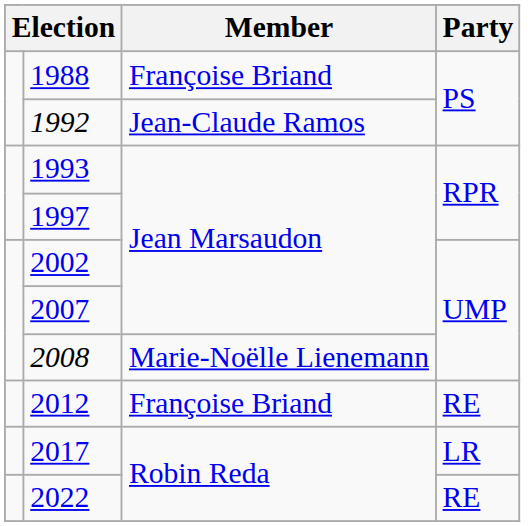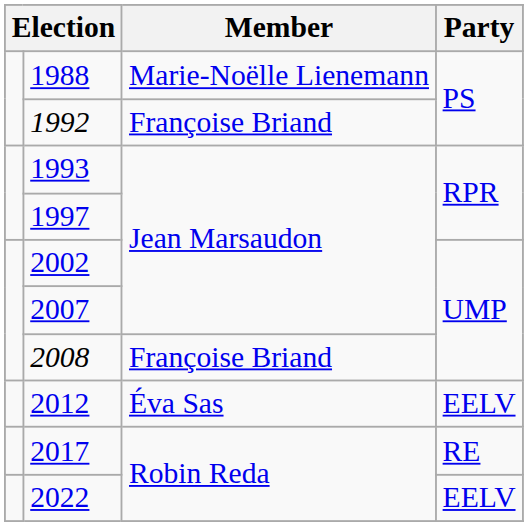 <table class="wikitable">
 <tr>
 <th colspan="2">Election</th>
 <th>Member</th>
 <th>Party</th>
 </tr>
 <tr>
 <td rowspan="2" style="color:inherit;background-color: "></td>
 <td><a href='#'>1988</a></td>
-<td><a href='#'>Françoise Briand</a></td>
+<td><a href='#'>Marie-Noëlle Lienemann</a></td>
 <td rowspan="2"><a href='#'>PS</a></td>
 </tr>
 <tr>
 <td><em>1992</em></td>
-<td><a href='#'>Jean-Claude Ramos</a></td>
+<td><a href='#'>Françoise Briand</a></td>
 </tr>
 <tr>
 <td rowspan="2" style="color:inherit;background-color: "></td>
 <td><a href='#'>1993</a></td>
 <td rowspan="4"><a href='#'>Jean Marsaudon</a></td>
 <td rowspan="2"><a href='#'>RPR</a></td>
 </tr>
 <tr>
 <td><a href='#'>1997</a></td>
 </tr>
 <tr>
 <td rowspan="3" style="color:inherit;background-color: "></td>
 <td><a href='#'>2002</a></td>
 <td rowspan="3"><a href='#'>UMP</a></td>
 </tr>
 <tr>
 <td><a href='#'>2007</a></td>
 </tr>
 <tr>
 <td><em>2008</em></td>
-<td><a href='#'>Marie-Noëlle Lienemann</a></td>
+<td><a href='#'>Françoise Briand</a></td>
 </tr>
 <tr>
 <td style="color:inherit;background-color: "></td>
 <td><a href='#'>2012</a></td>
-<td><a href='#'>Françoise Briand</a></td>
-<td><a href='#'>RE</a></td>
+<td><a href='#'>Éva Sas</a></td>
+<td><a href='#'>EELV</a></td>
 </tr>
 <tr>
 <td style="color:inherit;background-color: "></td>
 <td><a href='#'>2017</a></td>
 <td rowspan="2"><a href='#'>Robin Reda</a></td>
-<td><a href='#'>LR</a></td>
+<td><a href='#'>RE</a></td>
 </tr>
 <tr>
 <td style="color:inherit;background-color: "></td>
 <td><a href='#'>2022</a></td>
-<td><a href='#'>RE</a></td>
+<td><a href='#'>EELV</a></td>
 </tr>
 </table>
